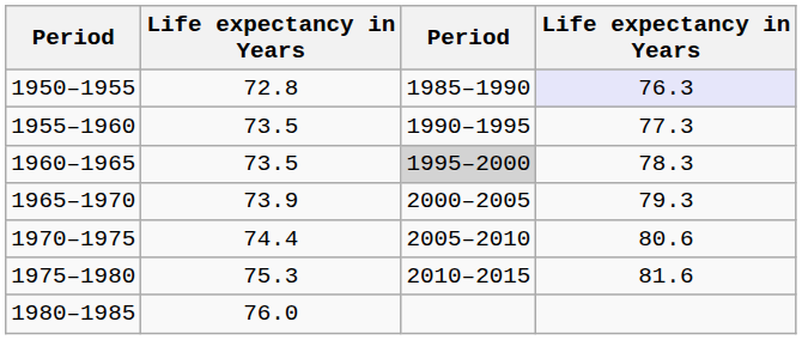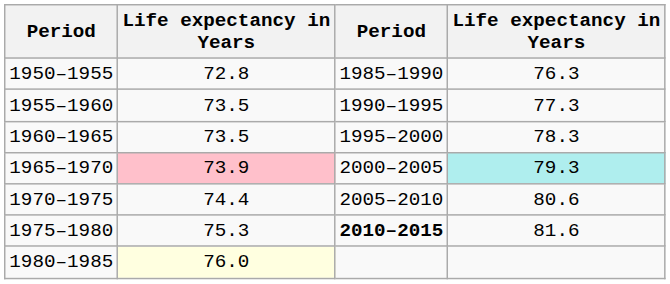 <table class="wikitable" style="text-align: center;">
 <tr>
 <th>Period</th>
 <th>Life expectancy in<br>Years</th>
 <th>Period</th>
 <th>Life expectancy in<br>Years</th>
 </tr>
 <tr>
 <td>1950–1955</td>
 <td>72.8</td>
 <td>1985–1990</td>
-<td style="background: lavender;">76.3</td>
+<td>76.3</td>
 </tr>
 <tr>
 <td>1955–1960</td>
 <td>73.5</td>
 <td>1990–1995</td>
 <td>77.3</td>
 </tr>
 <tr>
 <td>1960–1965</td>
 <td>73.5</td>
-<td style="background: lightgrey;">1995–2000</td>
+<td>1995–2000</td>
 <td>78.3</td>
 </tr>
 <tr>
 <td>1965–1970</td>
-<td>73.9</td>
+<td style="background: pink;">73.9</td>
 <td>2000–2005</td>
-<td>79.3</td>
+<td style="background: paleturquoise;">79.3</td>
 </tr>
 <tr>
 <td>1970–1975</td>
 <td>74.4</td>
 <td>2005–2010</td>
 <td>80.6</td>
 </tr>
 <tr>
 <td>1975–1980</td>
 <td>75.3</td>
-<td>2010–2015</td>
+<td><strong>2010–2015</strong></td>
 <td>81.6</td>
 </tr>
 <tr>
 <td>1980–1985</td>
-<td>76.0</td>
+<td style="background: lightyellow;">76.0</td>
 <td></td>
 <td></td>
 </tr>
 </table>
